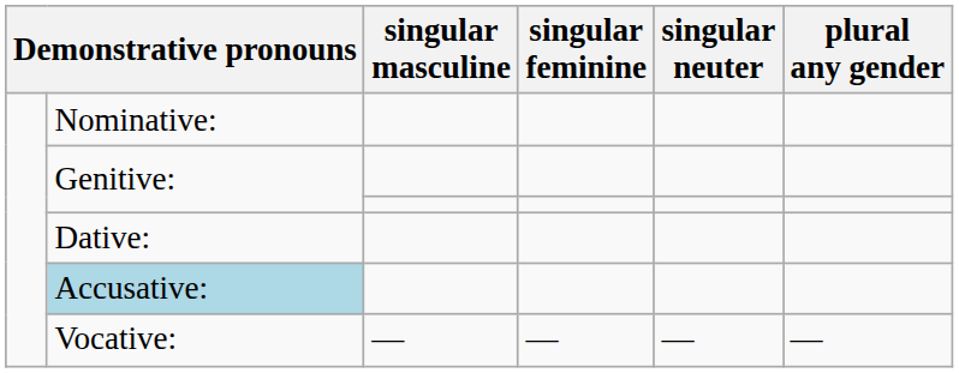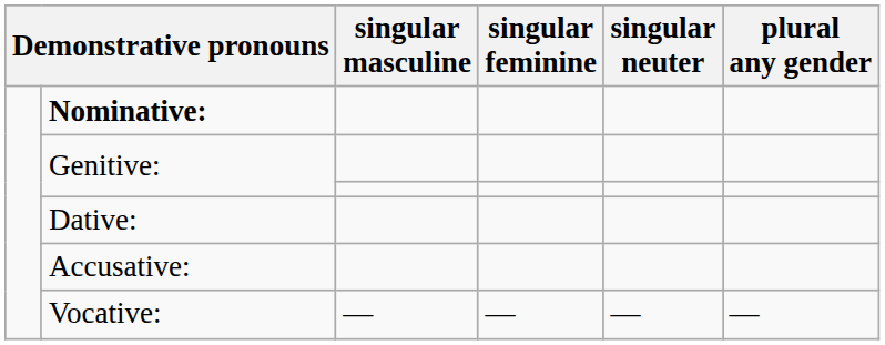 <table class="wikitable">
 <tr>
 <th colspan="2"><strong>Demonstrative pronouns</strong></th>
 <th>singular<br>masculine</th>
 <th>singular<br>feminine</th>
 <th>singular<br>neuter</th>
 <th>plural<br>any gender</th>
 </tr>
 <tr>
 <td rowspan="6" style="width:5en"> </td>
-<td>Nominative:</td>
+<td><strong>Nominative:</strong></td>
 <td><em></em></td>
 <td><em></em></td>
 <td><em></em></td>
 <td><em></em></td>
 </tr>
 <tr>
 <td rowspan="2">Genitive:</td>
 <td><em></em> <br> <em></em></td>
 <td><em></em></td>
 <td><em></em> <br> <em></em></td>
 <td><em></em></td>
 </tr>
 <tr>
 <td><em></em></td>
 <td><em></em></td>
 <td><em></em></td>
 <td><em></em></td>
 </tr>
 <tr>
 <td>Dative:</td>
 <td><em></em></td>
 <td><em></em></td>
 <td><em></em></td>
 <td><em></em></td>
 </tr>
 <tr>
-<td style="background: lightblue;">Accusative:</td>
+<td>Accusative:</td>
 <td><em></em></td>
 <td><em></em></td>
 <td><em></em></td>
 <td><em></em></td>
 </tr>
 <tr>
 <td>Vocative:</td>
 <td>—</td>
 <td>—</td>
 <td>—</td>
 <td>—</td>
 </tr>
 </table>
